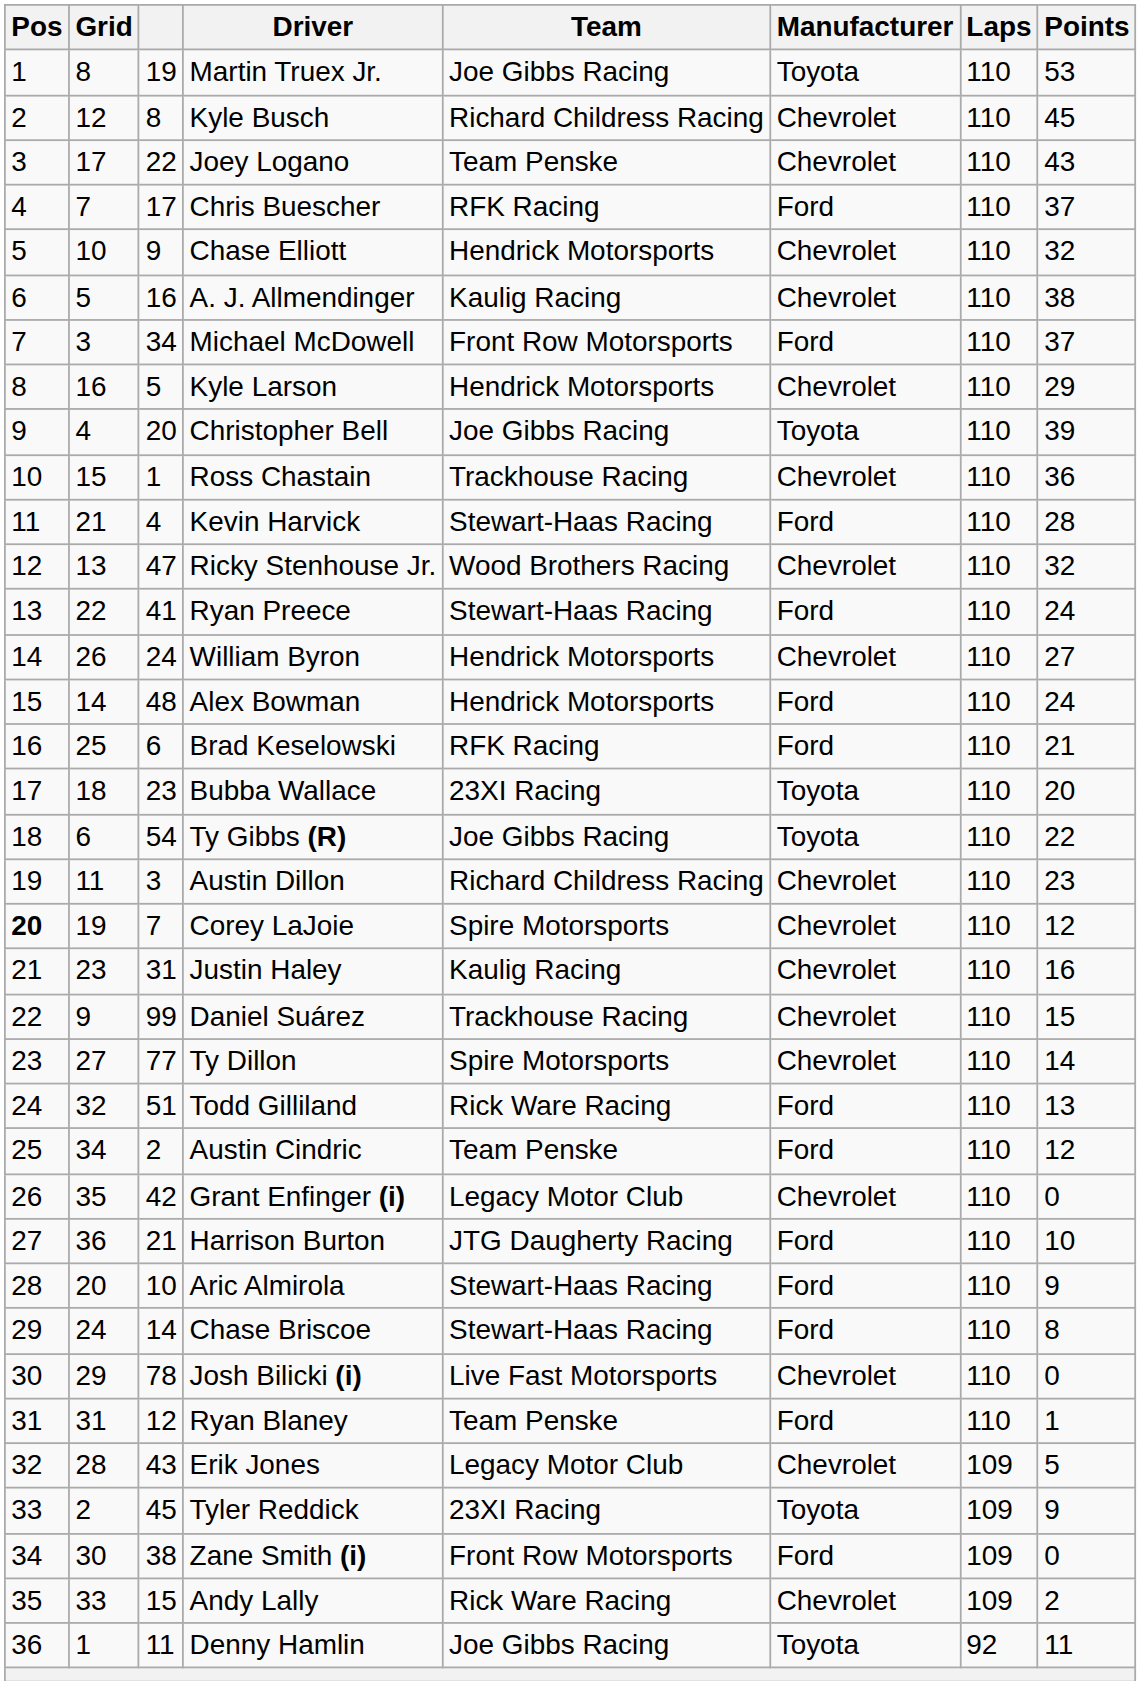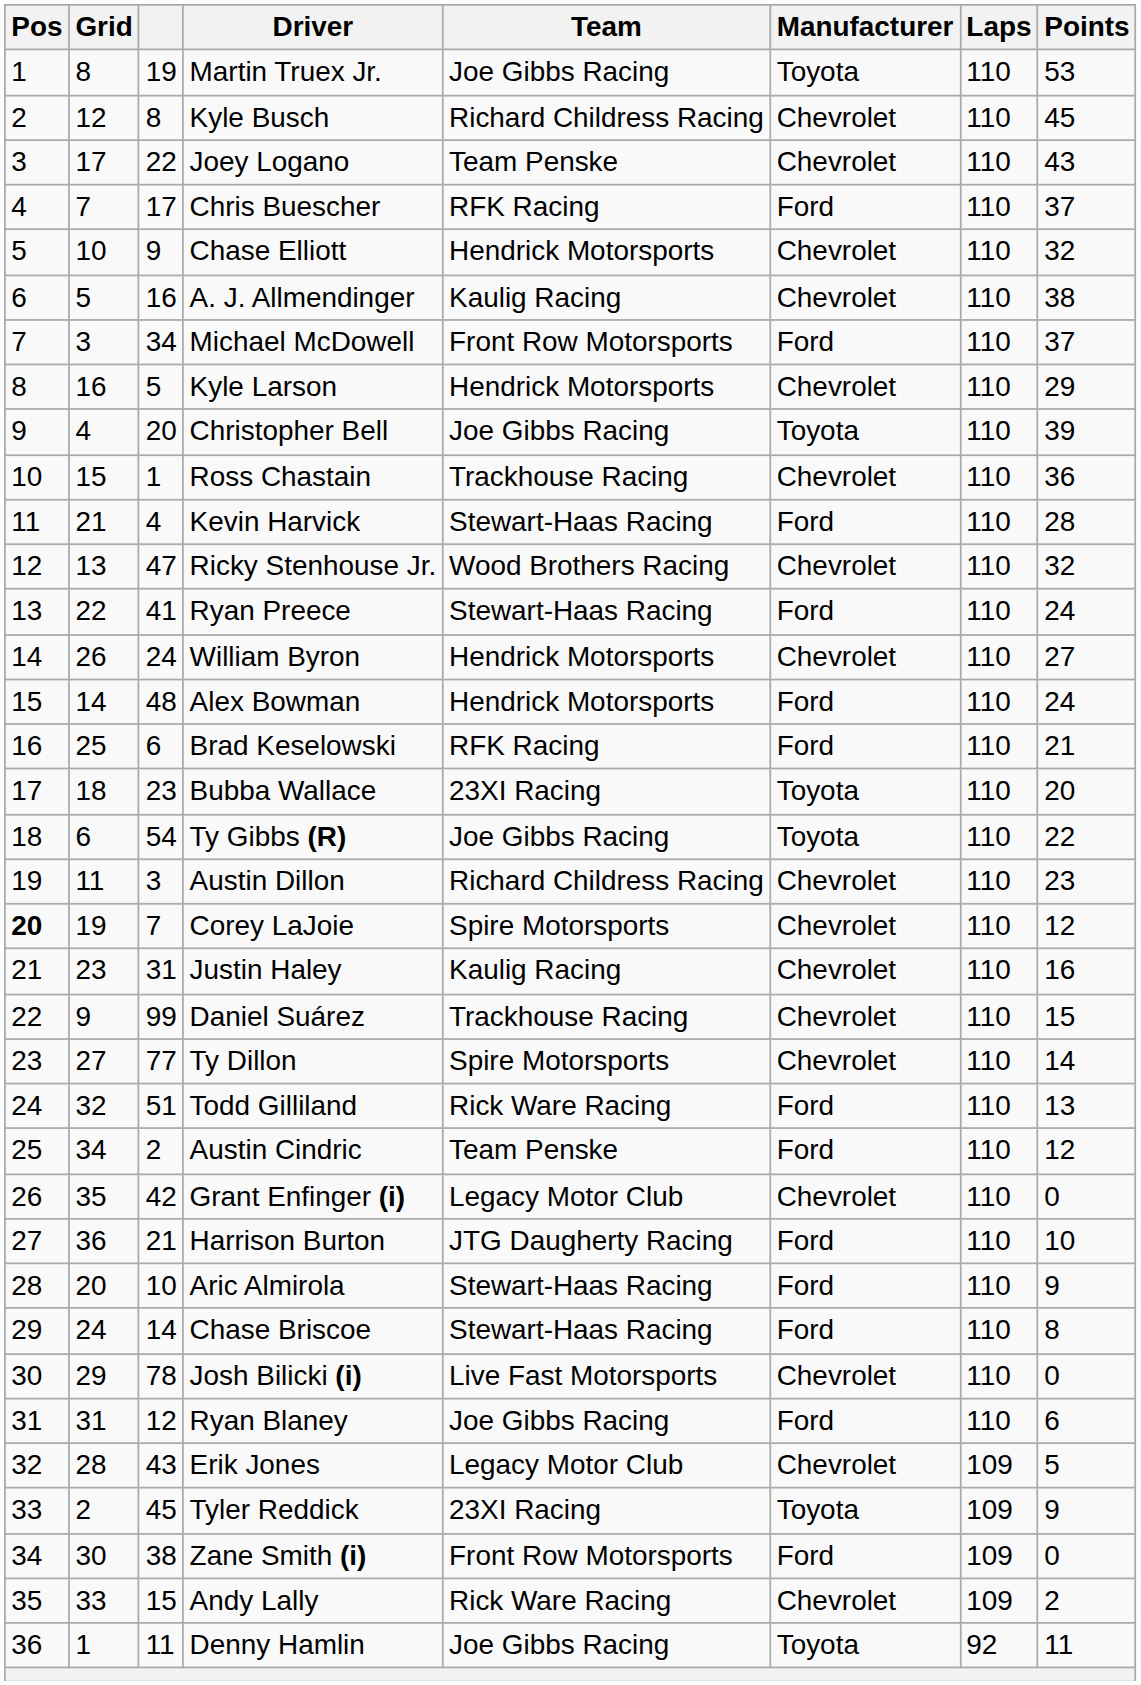 <table class="wikitable" style="font-size:98%">
 <tr>
 <th>Pos</th>
 <th>Grid</th>
 <th></th>
 <th>Driver</th>
 <th>Team</th>
 <th>Manufacturer</th>
 <th>Laps</th>
 <th>Points</th>
 </tr>
 <tr>
 <td>1</td>
 <td>8</td>
 <td>19</td>
 <td>Martin Truex Jr.</td>
 <td>Joe Gibbs Racing</td>
 <td>Toyota</td>
 <td>110</td>
 <td>53</td>
 </tr>
 <tr>
 <td>2</td>
 <td>12</td>
 <td>8</td>
 <td>Kyle Busch</td>
 <td>Richard Childress Racing</td>
 <td>Chevrolet</td>
 <td>110</td>
 <td>45</td>
 </tr>
 <tr>
 <td>3</td>
 <td>17</td>
 <td>22</td>
 <td>Joey Logano</td>
 <td>Team Penske</td>
 <td>Chevrolet</td>
 <td>110</td>
 <td>43</td>
 </tr>
 <tr>
 <td>4</td>
 <td>7</td>
 <td>17</td>
 <td>Chris Buescher</td>
 <td>RFK Racing</td>
 <td>Ford</td>
 <td>110</td>
 <td>37</td>
 </tr>
 <tr>
 <td>5</td>
 <td>10</td>
 <td>9</td>
 <td>Chase Elliott</td>
 <td>Hendrick Motorsports</td>
 <td>Chevrolet</td>
 <td>110</td>
 <td>32</td>
 </tr>
 <tr>
 <td>6</td>
 <td>5</td>
 <td>16</td>
 <td>A. J. Allmendinger</td>
 <td>Kaulig Racing</td>
 <td>Chevrolet</td>
 <td>110</td>
 <td>38</td>
 </tr>
 <tr>
 <td>7</td>
 <td>3</td>
 <td>34</td>
 <td>Michael McDowell</td>
 <td>Front Row Motorsports</td>
 <td>Ford</td>
 <td>110</td>
 <td>37</td>
 </tr>
 <tr>
 <td>8</td>
 <td>16</td>
 <td>5</td>
 <td>Kyle Larson</td>
 <td>Hendrick Motorsports</td>
 <td>Chevrolet</td>
 <td>110</td>
 <td>29</td>
 </tr>
 <tr>
 <td>9</td>
 <td>4</td>
 <td>20</td>
 <td>Christopher Bell</td>
 <td>Joe Gibbs Racing</td>
 <td>Toyota</td>
 <td>110</td>
 <td>39</td>
 </tr>
 <tr>
 <td>10</td>
 <td>15</td>
 <td>1</td>
 <td>Ross Chastain</td>
 <td>Trackhouse Racing</td>
 <td>Chevrolet</td>
 <td>110</td>
 <td>36</td>
 </tr>
 <tr>
 <td>11</td>
 <td>21</td>
 <td>4</td>
 <td>Kevin Harvick</td>
 <td>Stewart-Haas Racing</td>
 <td>Ford</td>
 <td>110</td>
 <td>28</td>
 </tr>
 <tr>
 <td>12</td>
 <td>13</td>
 <td>47</td>
 <td>Ricky Stenhouse Jr.</td>
 <td>Wood Brothers Racing</td>
 <td>Chevrolet</td>
 <td>110</td>
 <td>32</td>
 </tr>
 <tr>
 <td>13</td>
 <td>22</td>
 <td>41</td>
 <td>Ryan Preece</td>
 <td>Stewart-Haas Racing</td>
 <td>Ford</td>
 <td>110</td>
 <td>24</td>
 </tr>
 <tr>
 <td>14</td>
 <td>26</td>
 <td>24</td>
 <td>William Byron</td>
 <td>Hendrick Motorsports</td>
 <td>Chevrolet</td>
 <td>110</td>
 <td>27</td>
 </tr>
 <tr>
 <td>15</td>
 <td>14</td>
 <td>48</td>
 <td>Alex Bowman</td>
 <td>Hendrick Motorsports</td>
 <td>Ford</td>
 <td>110</td>
 <td>24</td>
 </tr>
 <tr>
 <td>16</td>
 <td>25</td>
 <td>6</td>
 <td>Brad Keselowski</td>
 <td>RFK Racing</td>
 <td>Ford</td>
 <td>110</td>
 <td>21</td>
 </tr>
 <tr>
 <td>17</td>
 <td>18</td>
 <td>23</td>
 <td>Bubba Wallace</td>
 <td>23XI Racing</td>
 <td>Toyota</td>
 <td>110</td>
 <td>20</td>
 </tr>
 <tr>
 <td>18</td>
 <td>6</td>
 <td>54</td>
 <td>Ty Gibbs <strong>(R)</strong></td>
 <td>Joe Gibbs Racing</td>
 <td>Toyota</td>
 <td>110</td>
 <td>22</td>
 </tr>
 <tr>
 <td>19</td>
 <td>11</td>
 <td>3</td>
 <td>Austin Dillon</td>
 <td>Richard Childress Racing</td>
 <td>Chevrolet</td>
 <td>110</td>
 <td>23</td>
 </tr>
 <tr>
 <td><strong>20</strong></td>
 <td>19</td>
 <td>7</td>
 <td>Corey LaJoie</td>
 <td>Spire Motorsports</td>
 <td>Chevrolet</td>
 <td>110</td>
 <td>12</td>
 </tr>
 <tr>
 <td>21</td>
 <td>23</td>
 <td>31</td>
 <td>Justin Haley</td>
 <td>Kaulig Racing</td>
 <td>Chevrolet</td>
 <td>110</td>
 <td>16</td>
 </tr>
 <tr>
 <td>22</td>
 <td>9</td>
 <td>99</td>
 <td>Daniel Suárez</td>
 <td>Trackhouse Racing</td>
 <td>Chevrolet</td>
 <td>110</td>
 <td>15</td>
 </tr>
 <tr>
 <td>23</td>
 <td>27</td>
 <td>77</td>
 <td>Ty Dillon</td>
 <td>Spire Motorsports</td>
 <td>Chevrolet</td>
 <td>110</td>
 <td>14</td>
 </tr>
 <tr>
 <td>24</td>
 <td>32</td>
 <td>51</td>
 <td>Todd Gilliland</td>
 <td>Rick Ware Racing</td>
 <td>Ford</td>
 <td>110</td>
 <td>13</td>
 </tr>
 <tr>
 <td>25</td>
 <td>34</td>
 <td>2</td>
 <td>Austin Cindric</td>
 <td>Team Penske</td>
 <td>Ford</td>
 <td>110</td>
 <td>12</td>
 </tr>
 <tr>
 <td>26</td>
 <td>35</td>
 <td>42</td>
 <td>Grant Enfinger <strong>(i)</strong></td>
 <td>Legacy Motor Club</td>
 <td>Chevrolet</td>
 <td>110</td>
 <td>0</td>
 </tr>
 <tr>
 <td>27</td>
 <td>36</td>
 <td>21</td>
 <td>Harrison Burton</td>
 <td>JTG Daugherty Racing</td>
 <td>Ford</td>
 <td>110</td>
 <td>10</td>
 </tr>
 <tr>
 <td>28</td>
 <td>20</td>
 <td>10</td>
 <td>Aric Almirola</td>
 <td>Stewart-Haas Racing</td>
 <td>Ford</td>
 <td>110</td>
 <td>9</td>
 </tr>
 <tr>
 <td>29</td>
 <td>24</td>
 <td>14</td>
 <td>Chase Briscoe</td>
 <td>Stewart-Haas Racing</td>
 <td>Ford</td>
 <td>110</td>
 <td>8</td>
 </tr>
 <tr>
 <td>30</td>
 <td>29</td>
 <td>78</td>
 <td>Josh Bilicki <strong>(i)</strong></td>
 <td>Live Fast Motorsports</td>
 <td>Chevrolet</td>
 <td>110</td>
 <td>0</td>
 </tr>
 <tr>
 <td>31</td>
 <td>31</td>
 <td>12</td>
 <td>Ryan Blaney</td>
-<td>Team Penske</td>
+<td>Joe Gibbs Racing</td>
 <td>Ford</td>
 <td>110</td>
-<td>1</td>
+<td>6</td>
 </tr>
 <tr>
 <td>32</td>
 <td>28</td>
 <td>43</td>
 <td>Erik Jones</td>
 <td>Legacy Motor Club</td>
 <td>Chevrolet</td>
 <td>109</td>
 <td>5</td>
 </tr>
 <tr>
 <td>33</td>
 <td>2</td>
 <td>45</td>
 <td>Tyler Reddick</td>
 <td>23XI Racing</td>
 <td>Toyota</td>
 <td>109</td>
 <td>9</td>
 </tr>
 <tr>
 <td>34</td>
 <td>30</td>
 <td>38</td>
 <td>Zane Smith <strong>(i)</strong></td>
 <td>Front Row Motorsports</td>
 <td>Ford</td>
 <td>109</td>
 <td>0</td>
 </tr>
 <tr>
 <td>35</td>
 <td>33</td>
 <td>15</td>
 <td>Andy Lally</td>
 <td>Rick Ware Racing</td>
 <td>Chevrolet</td>
 <td>109</td>
 <td>2</td>
 </tr>
 <tr>
 <td>36</td>
 <td>1</td>
 <td>11</td>
 <td>Denny Hamlin</td>
 <td>Joe Gibbs Racing</td>
 <td>Toyota</td>
 <td>92</td>
 <td>11</td>
 </tr>
 <tr>
 <th colspan="8"></th>
 </tr>
 </table>
